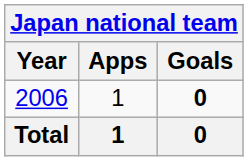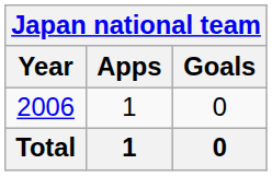 <table class="wikitable" style="text-align:center">
 <tr>
 <th colspan=3><a href='#'>Japan national team</a></th>
 </tr>
 <tr>
 <th>Year</th>
 <th>Apps</th>
 <th>Goals</th>
 </tr>
 <tr>
 <td><a href='#'>2006</a></td>
 <td>1</td>
-<td><strong>0</strong></td>
+<td>0</td>
 </tr>
 <tr>
 <th>Total</th>
 <th>1</th>
 <th>0</th>
 </tr>
 </table>
